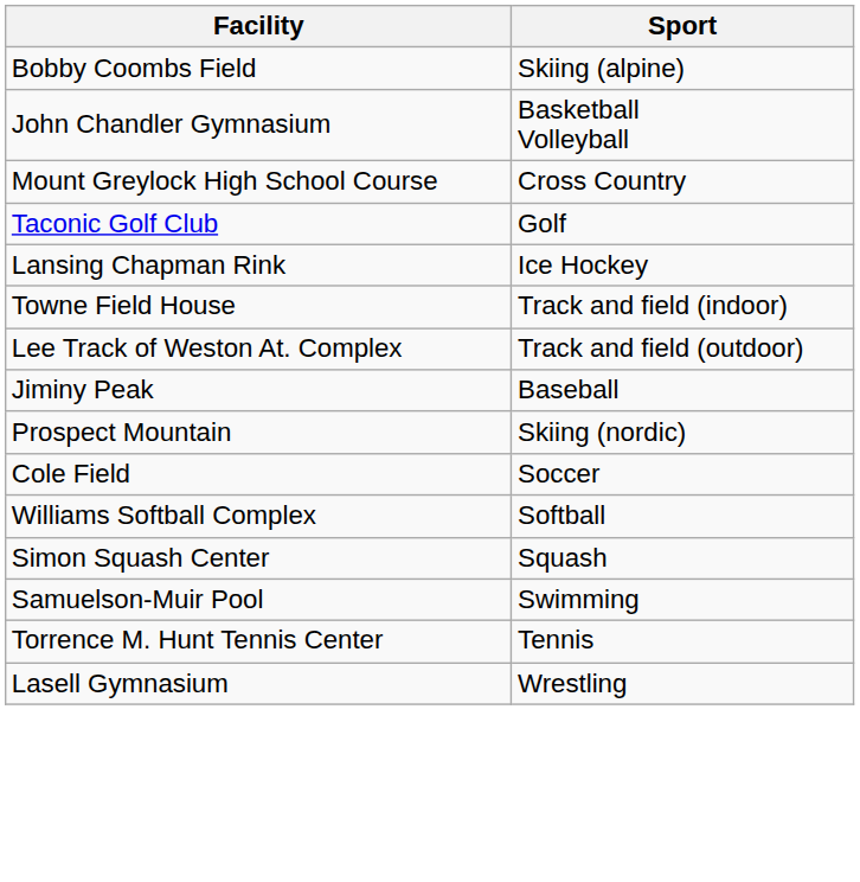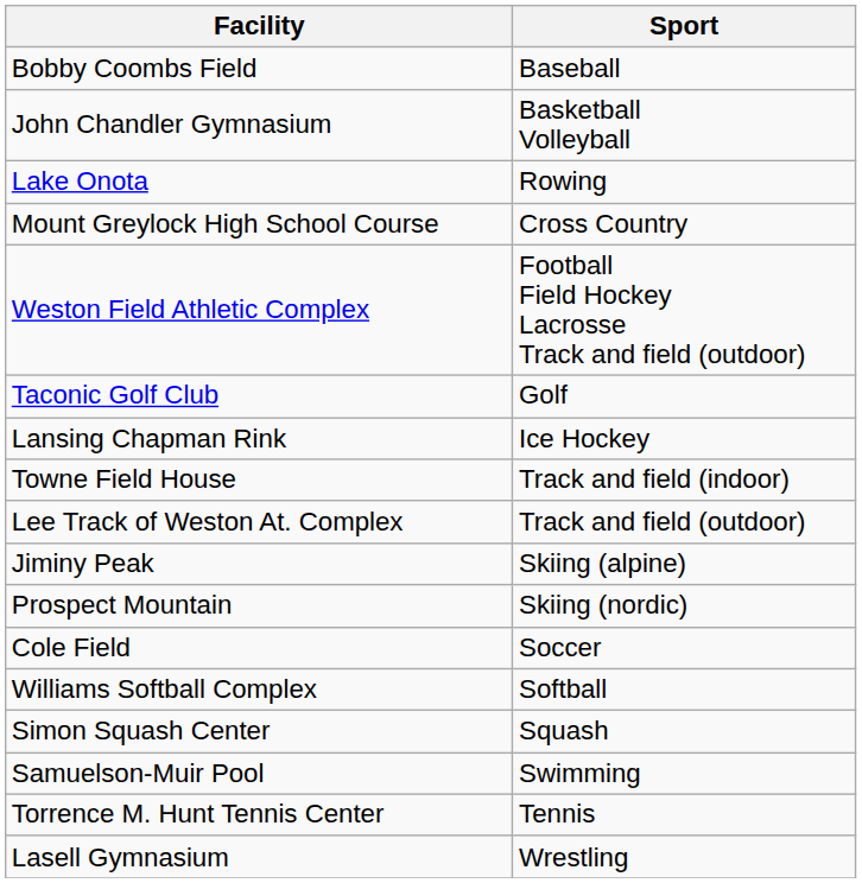 <table class="wikitable"; style= "text-align: ">
 <tr>
 <th width=300px>Facility</th>
 <th width=200px>Sport</th>
 </tr>
 <tr>
 <td>Bobby Coombs Field</td>
-<td>Skiing (alpine)</td>
+<td>Baseball</td>
 </tr>
 <tr>
 <td>John Chandler Gymnasium </td>
 <td>Basketball <br> Volleyball</td>
 </tr>
 <tr>
+<td><a href='#'>Lake Onota</a> </td>
+<td>Rowing</td>
+</tr>
+<tr>
 <td>Mount Greylock High School Course </td>
 <td>Cross Country</td>
+</tr>
+<tr>
+<td><a href='#'>Weston Field Athletic Complex</a></td>
+<td>Football <br> Field Hockey <br> Lacrosse <br> Track and field (outdoor)</td>
 </tr>
 <tr>
 <td><a href='#'>Taconic Golf Club</a> </td>
 <td>Golf</td>
 </tr>
 <tr>
 <td>Lansing Chapman Rink </td>
 <td>Ice Hockey</td>
 </tr>
 <tr>
 <td>Towne Field House </td>
 <td>Track and field (indoor)</td>
 </tr>
 <tr>
 <td>Lee Track of Weston At. Complex</td>
 <td>Track and field (outdoor)</td>
 </tr>
 <tr>
 <td>Jiminy Peak </td>
-<td>Baseball</td>
+<td>Skiing (alpine)</td>
 </tr>
 <tr>
 <td>Prospect Mountain </td>
 <td>Skiing (nordic)</td>
 </tr>
 <tr>
 <td>Cole Field</td>
 <td>Soccer</td>
 </tr>
 <tr>
 <td>Williams Softball Complex</td>
 <td>Softball</td>
 </tr>
 <tr>
 <td>Simon Squash Center </td>
 <td>Squash</td>
 </tr>
 <tr>
 <td>Samuelson-Muir Pool </td>
 <td>Swimming</td>
 </tr>
 <tr>
 <td>Torrence M. Hunt Tennis Center</td>
 <td>Tennis</td>
 </tr>
 <tr>
 <td>Lasell Gymnasium </td>
 <td>Wrestling</td>
 </tr>
 </table>
